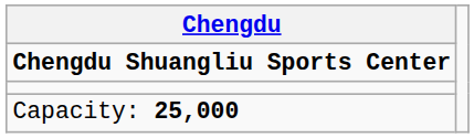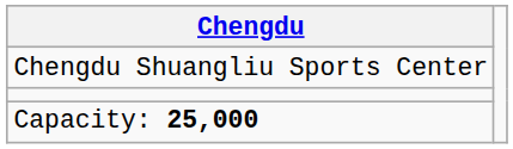 <table class="wikitable" style="margin-left: auto; margin-right: auto; border: none;">
 <tr>
 <th><a href='#'>Chengdu</a></th>
 <td rowspan="4"><br></td>
 </tr>
 <tr>
-<td><strong>Chengdu Shuangliu Sports Center</strong></td>
+<td>Chengdu Shuangliu Sports Center</td>
 </tr>
 <tr>
 <td><small></small></td>
 </tr>
 <tr>
 <td>Capacity: <strong>25,000</strong></td>
 </tr>
 </table>
